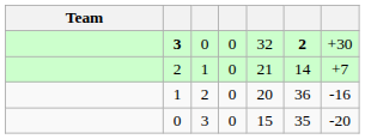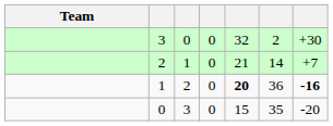 <table class="wikitable" style="text-align:center;">
 <tr>
 <th width=150>Team</th>
 <th width=20></th>
 <th width=20></th>
 <th width=20></th>
 <th width=30></th>
 <th width=30></th>
 <th width=30></th>
 </tr>
 <tr bgcolor="#ccffcc">
 <td align="left"></td>
-<td><strong>3</strong></td>
+<td>3</td>
 <td>0</td>
 <td>0</td>
 <td>32</td>
-<td><strong>2</strong></td>
+<td>2</td>
 <td>+30</td>
 </tr>
 <tr bgcolor="#ccffcc">
 <td align="left"></td>
 <td>2</td>
 <td>1</td>
 <td>0</td>
 <td>21</td>
 <td>14</td>
 <td>+7</td>
 </tr>
 <tr bgcolor=>
 <td align="left"></td>
 <td>1</td>
 <td>2</td>
 <td>0</td>
-<td>20</td>
+<td><strong>20</strong></td>
 <td>36</td>
-<td>-16</td>
+<td><strong>-16</strong></td>
 </tr>
 <tr bgcolor=>
 <td align="left"></td>
 <td>0</td>
 <td>3</td>
 <td>0</td>
 <td>15</td>
 <td>35</td>
 <td>-20</td>
 </tr>
 </table>
